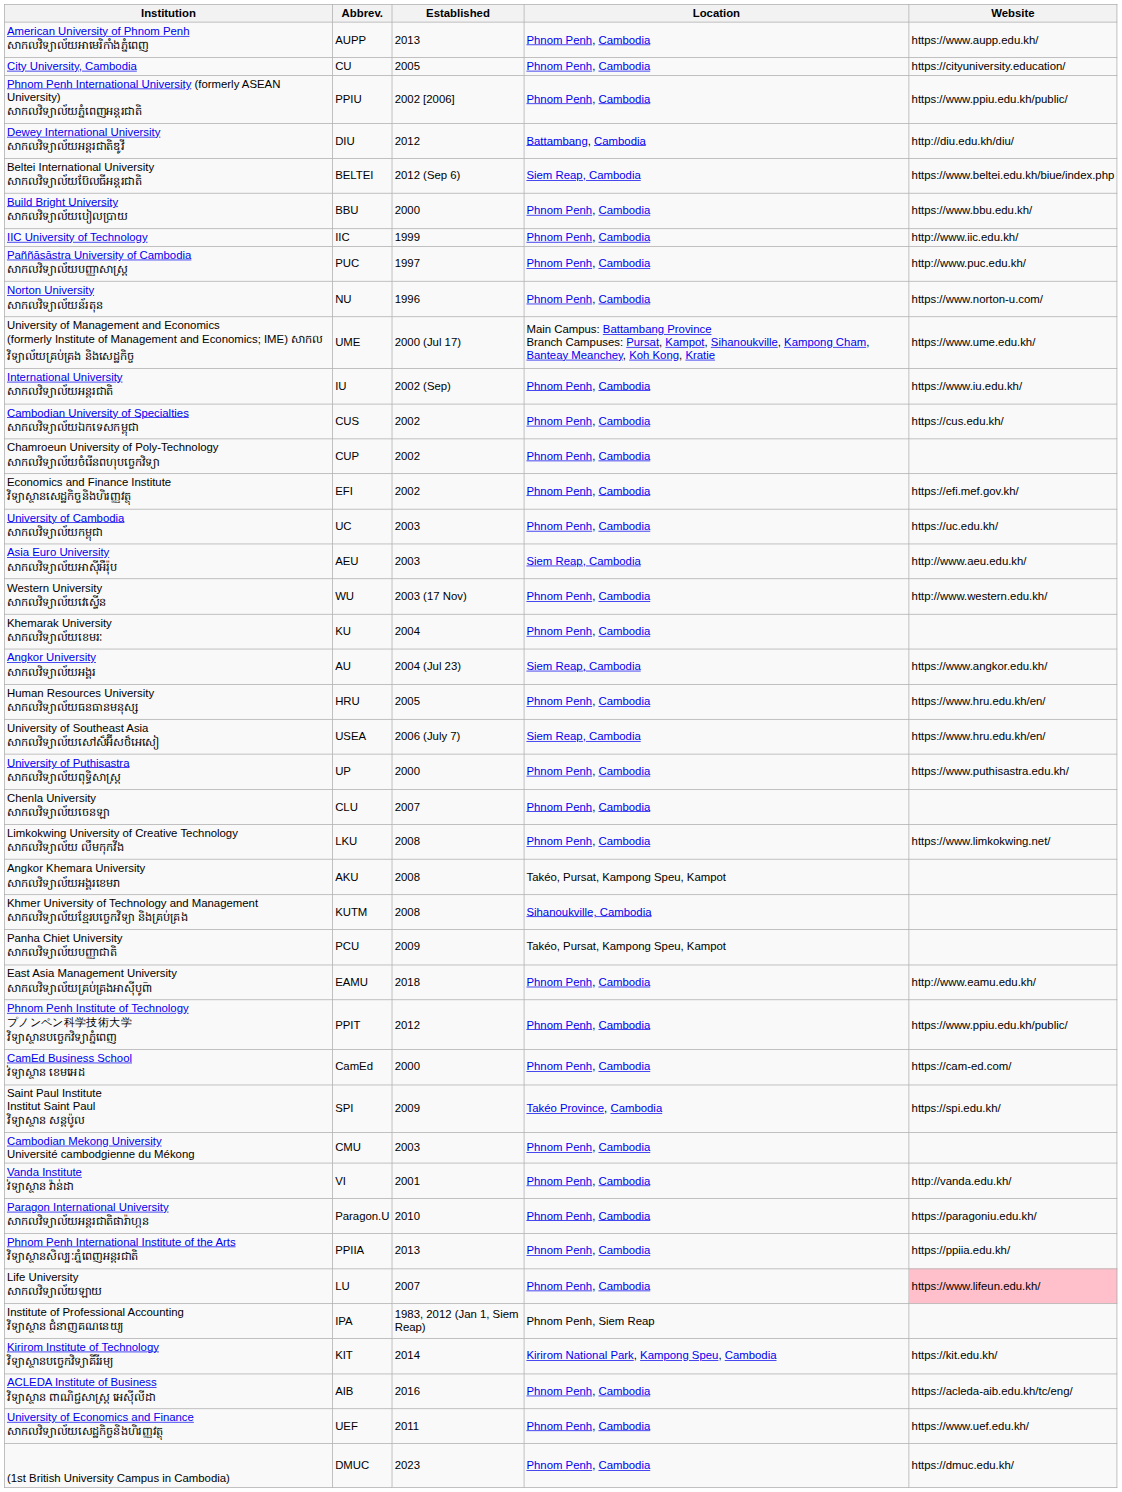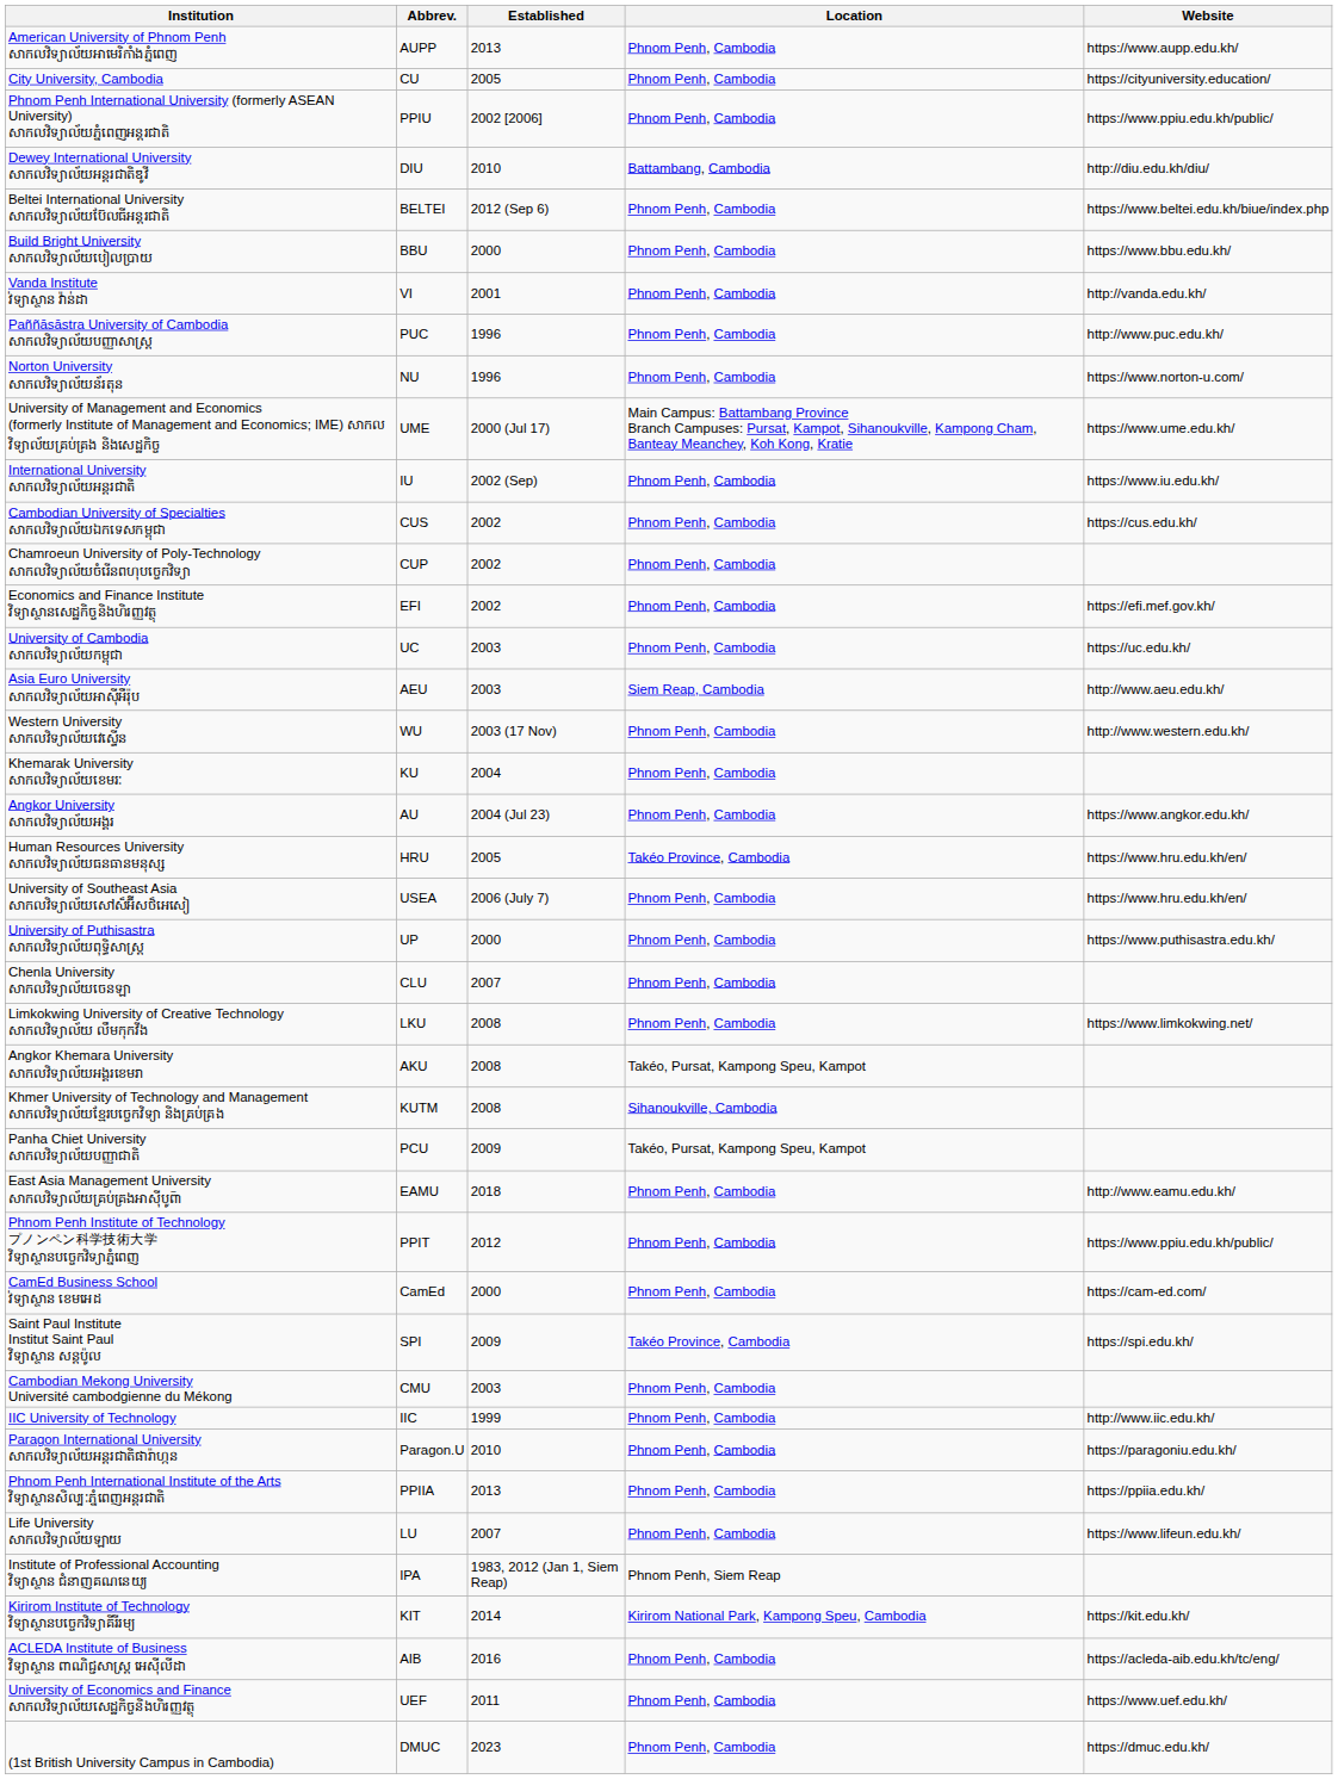 <table class="wikitable sortable">
 <tr>
 <th>Institution</th>
 <th>Abbrev.</th>
 <th>Established</th>
 <th>Location</th>
 <th>Website</th>
 </tr>
 <tr>
 <td><a href='#'>American University of Phnom Penh</a><br>សាកលវិទ្យាល័យអាមេរិកាំងភ្នំពេញ</td>
 <td>AUPP</td>
 <td>2013</td>
 <td><a href='#'>Phnom Penh</a>, <a href='#'>Cambodia</a></td>
 <td>https://www.aupp.edu.kh/</td>
 </tr>
 <tr>
 <td><a href='#'>City University, Cambodia</a></td>
 <td>CU</td>
 <td>2005</td>
 <td><a href='#'>Phnom Penh</a>, <a href='#'>Cambodia</a></td>
 <td>https://cityuniversity.education/</td>
 </tr>
 <tr>
 <td><a href='#'>Phnom Penh International University</a> (formerly ASEAN University)<br>សាកលវិទ្យាល័យភ្នំពេញអន្តរជាតិ</td>
 <td>PPIU</td>
 <td>2002 [2006]</td>
 <td><a href='#'>Phnom Penh</a>, <a href='#'>Cambodia</a></td>
 <td>https://www.ppiu.edu.kh/public/</td>
 </tr>
 <tr>
 <td><a href='#'>Dewey International University</a><br>សាកលវិទ្យាល័យអន្តរជាតិឌូវី</td>
 <td>DIU</td>
-<td>2012</td>
+<td>2010</td>
 <td><a href='#'>Battambang</a>, <a href='#'>Cambodia</a></td>
 <td>http://diu.edu.kh/diu/</td>
 </tr>
 <tr>
 <td>Beltei International University <br> សាកលវិទ្យាល័យប៊ែលធីអន្តរជាតិ</td>
 <td>BELTEI</td>
 <td>2012 (Sep 6)</td>
-<td><a href='#'>Siem Reap, Cambodia</a></td>
+<td><a href='#'>Phnom Penh</a>, <a href='#'>Cambodia</a></td>
 <td>https://www.beltei.edu.kh/biue/index.php</td>
 </tr>
 <tr>
 <td><a href='#'>Build Bright University</a><br>សាកលវិទ្យាល័យបៀលប្រាយ</td>
 <td>BBU</td>
 <td>2000</td>
 <td><a href='#'>Phnom Penh</a>, <a href='#'>Cambodia</a></td>
 <td>https://www.bbu.edu.kh/</td>
 </tr>
 <tr>
-<td><a href='#'>IIC University of Technology</a><br></td>
-<td>IIC</td>
-<td>1999</td>
+<td><a href='#'>Vanda Institute</a><br>វ់ទ្យាស្ថាន វ៉ាន់ដា</td>
+<td>VI</td>
+<td>2001</td>
 <td><a href='#'>Phnom Penh</a>, <a href='#'>Cambodia</a></td>
-<td>http://www.iic.edu.kh/</td>
+<td>http://vanda.edu.kh/</td>
 </tr>
 <tr>
 <td><a href='#'>Paññāsāstra University of Cambodia</a><br>សាកលវិទ្យាល័យបញ្ញាសាស្ត្រ</td>
 <td>PUC</td>
-<td>1997</td>
+<td>1996</td>
 <td><a href='#'>Phnom Penh</a>, <a href='#'>Cambodia</a></td>
 <td>http://www.puc.edu.kh/</td>
 </tr>
 <tr>
 <td><a href='#'>Norton University</a> <br> សាកលវិទ្យាល័យន័រតុន</td>
 <td>NU</td>
 <td>1996</td>
 <td><a href='#'>Phnom Penh</a>, <a href='#'>Cambodia</a></td>
 <td>https://www.norton-u.com/</td>
 </tr>
 <tr>
 <td>University of Management and Economics<br>(formerly Institute of Management and Economics; IME) សាកលវិទ្យាល័យគ្រប់គ្រង និងសេដ្ឋកិច្ច</td>
 <td>UME</td>
 <td>2000 (Jul 17)</td>
 <td>Main Campus: <a href='#'>Battambang Province</a><br>Branch Campuses: <a href='#'>Pursat</a>, <a href='#'>Kampot</a>, <a href='#'>Sihanoukville</a>, <a href='#'>Kampong Cham</a>, <a href='#'>Banteay Meanchey</a>, <a href='#'>Koh Kong</a>, <a href='#'>Kratie</a></td>
 <td>https://www.ume.edu.kh/</td>
 </tr>
 <tr>
 <td><a href='#'>International University</a><br>សាកលវិទ្យាល័យអន្តរជាតិ</td>
 <td>IU</td>
 <td>2002 (Sep)</td>
 <td><a href='#'>Phnom Penh</a>, <a href='#'>Cambodia</a></td>
 <td>https://www.iu.edu.kh/</td>
 </tr>
 <tr>
 <td><a href='#'>Cambodian University of Specialties</a><br>សាកលវិទ្យាល័យឯកទេសកម្ពុជា</td>
 <td>CUS</td>
 <td>2002</td>
 <td><a href='#'>Phnom Penh</a>, <a href='#'>Cambodia</a></td>
 <td>https://cus.edu.kh/</td>
 </tr>
 <tr>
 <td>Chamroeun University of Poly-Technology<br>សាកលវិទ្យាល័យចំរើនពហុបច្ចេកវិទ្យា</td>
 <td>CUP</td>
 <td>2002</td>
 <td><a href='#'>Phnom Penh</a>, <a href='#'>Cambodia</a></td>
 <td></td>
 </tr>
 <tr>
 <td>Economics and Finance Institute<br>វិទ្យាស្ថានសេដ្ឋកិច្ចនិងហិរញ្ញវត្ថុ</td>
 <td>EFI</td>
 <td>2002</td>
 <td><a href='#'>Phnom Penh</a>, <a href='#'>Cambodia</a></td>
 <td>https://efi.mef.gov.kh/</td>
 </tr>
 <tr>
 <td><a href='#'>University of Cambodia</a><br>សាកលវិទ្យាល័យកម្ពុជា</td>
 <td>UC</td>
 <td>2003</td>
 <td><a href='#'>Phnom Penh</a>, <a href='#'>Cambodia</a></td>
 <td>https://uc.edu.kh/</td>
 </tr>
 <tr>
 <td><a href='#'>Asia Euro University</a><br>សាកលវិទ្យាល័យអាស៊ីអឺរ៉ុប</td>
 <td>AEU</td>
 <td>2003</td>
 <td><a href='#'>Siem Reap, Cambodia</a></td>
 <td>http://www.aeu.edu.kh/</td>
 </tr>
 <tr>
 <td>Western University<br>សាកលវិទ្យាល័យវេស្ទើន</td>
 <td>WU</td>
 <td>2003 (17 Nov)</td>
 <td><a href='#'>Phnom Penh</a>, <a href='#'>Cambodia</a></td>
 <td>http://www.western.edu.kh/</td>
 </tr>
 <tr>
 <td>Khemarak University<br>សាកលវិទ្យាល័យខេមរៈ</td>
 <td>KU</td>
 <td>2004</td>
 <td><a href='#'>Phnom Penh</a>, <a href='#'>Cambodia</a></td>
 <td></td>
 </tr>
 <tr>
 <td><a href='#'>Angkor University</a><br>សាកលវិទ្យាល័យអង្គរ</td>
 <td>AU</td>
 <td>2004 (Jul 23)</td>
-<td><a href='#'>Siem Reap, Cambodia</a></td>
+<td><a href='#'>Phnom Penh</a>, <a href='#'>Cambodia</a></td>
 <td>https://www.angkor.edu.kh/</td>
 </tr>
 <tr>
 <td>Human Resources University<br>សាកលវិទ្យាល័យធនធានមនុស្ស</td>
 <td>HRU</td>
 <td>2005</td>
-<td><a href='#'>Phnom Penh</a>, <a href='#'>Cambodia</a></td>
+<td><a href='#'>Takéo Province</a>, <a href='#'>Cambodia</a></td>
 <td>https://www.hru.edu.kh/en/</td>
 </tr>
 <tr>
 <td>University of Southeast Asia<br>សាកលវិទ្យាល័យសៅស៏អ៊ីសថ៏អេសៀ</td>
 <td>USEA</td>
 <td>2006 (July 7)</td>
-<td><a href='#'>Siem Reap, Cambodia</a></td>
+<td><a href='#'>Phnom Penh</a>, <a href='#'>Cambodia</a></td>
 <td>https://www.hru.edu.kh/en/</td>
 </tr>
 <tr>
 <td><a href='#'>University of Puthisastra</a><br>សាកលវិទ្យាល័យពុទ្ធិសាស្ត្រ</td>
 <td>UP</td>
 <td>2000</td>
 <td><a href='#'>Phnom Penh</a>, <a href='#'>Cambodia</a></td>
 <td>https://www.puthisastra.edu.kh/</td>
 </tr>
 <tr>
 <td>Chenla University<br>សាកលវិទ្យាល័យចេនឡា</td>
 <td>CLU</td>
 <td>2007</td>
 <td><a href='#'>Phnom Penh</a>, <a href='#'>Cambodia</a></td>
 <td></td>
 </tr>
 <tr>
 <td>Limkokwing University of Creative Technology<br>សាកលវិទ្យាល័យ លឹមកុកវីង</td>
 <td>LKU</td>
 <td>2008</td>
 <td><a href='#'>Phnom Penh</a>, <a href='#'>Cambodia</a></td>
 <td>https://www.limkokwing.net/</td>
 </tr>
 <tr>
 <td>Angkor Khemara University<br>សាកលវិទ្យាល័យអង្គរខេមរា</td>
 <td>AKU</td>
 <td>2008</td>
 <td>Takéo, Pursat, Kampong Speu, Kampot</td>
 <td></td>
 </tr>
 <tr>
 <td>Khmer University of Technology and Management<br>សាកលវិទ្យាល័យខ្មែរបច្ចេកវិទ្យា និងគ្រប់គ្រង</td>
 <td>KUTM</td>
 <td>2008</td>
 <td><a href='#'>Sihanoukville, Cambodia</a></td>
 <td></td>
 </tr>
 <tr>
 <td>Panha Chiet University<br>សាកលវិទ្យាល័យបញ្ញាជាតិ</td>
 <td>PCU</td>
 <td>2009</td>
 <td>Takéo, Pursat, Kampong Speu, Kampot</td>
 <td></td>
 </tr>
 <tr>
 <td>East Asia Management University<br>សាកលវិទ្យាល័យគ្រប់គ្រងអាស៊ីបូព៑ា</td>
 <td>EAMU</td>
 <td>2018</td>
 <td><a href='#'>Phnom Penh</a>, <a href='#'>Cambodia</a></td>
 <td>http://www.eamu.edu.kh/</td>
 </tr>
 <tr>
 <td><a href='#'>Phnom Penh Institute of Technology</a><br>プノンペン科学技術大学<br>វិទ្យាស្ថានបច្ចេកវិទ្យាភ្នំពេញ</td>
 <td>PPIT</td>
 <td>2012</td>
 <td><a href='#'>Phnom Penh</a>, <a href='#'>Cambodia</a></td>
 <td>https://www.ppiu.edu.kh/public/</td>
 </tr>
 <tr>
 <td><a href='#'>CamEd Business School</a><br>វ់ទ្យាស្ថាន ខេមអេដ<br></td>
 <td>CamEd</td>
 <td>2000</td>
 <td><a href='#'>Phnom Penh</a>, <a href='#'>Cambodia</a></td>
 <td>https://cam-ed.com/</td>
 </tr>
 <tr>
 <td>Saint Paul Institute<br>Institut Saint Paul<br>វិទ្យាស្ថាន សន្តប៉ូល</td>
 <td>SPI</td>
 <td>2009</td>
 <td><a href='#'>Takéo Province</a>, <a href='#'>Cambodia</a></td>
 <td>https://spi.edu.kh/</td>
 </tr>
 <tr>
 <td><a href='#'>Cambodian Mekong University</a><br>Université cambodgienne du Mékong</td>
 <td>CMU</td>
 <td>2003</td>
 <td><a href='#'>Phnom Penh</a>, <a href='#'>Cambodia</a></td>
 <td></td>
 </tr>
 <tr>
-<td><a href='#'>Vanda Institute</a><br>វ់ទ្យាស្ថាន វ៉ាន់ដា</td>
-<td>VI</td>
-<td>2001</td>
+<td><a href='#'>IIC University of Technology</a><br></td>
+<td>IIC</td>
+<td>1999</td>
 <td><a href='#'>Phnom Penh</a>, <a href='#'>Cambodia</a></td>
-<td>http://vanda.edu.kh/</td>
+<td>http://www.iic.edu.kh/</td>
 </tr>
 <tr>
 <td><a href='#'>Paragon International University</a><br>សាកលវិទ្យាល័យអន្តរជាតិផារ៉ាហ្កន</td>
 <td>Paragon.U</td>
 <td>2010</td>
 <td><a href='#'>Phnom Penh</a>, <a href='#'>Cambodia</a></td>
 <td>https://paragoniu.edu.kh/</td>
 </tr>
 <tr>
 <td><a href='#'>Phnom Penh International Institute of the Arts</a><br>វិទ្យាស្ថានសិល្បៈភ្នំពេញអន្តរជាតិ</td>
 <td>PPIIA</td>
 <td>2013</td>
 <td><a href='#'>Phnom Penh</a>, <a href='#'>Cambodia</a></td>
 <td>https://ppiia.edu.kh/</td>
 </tr>
 <tr>
 <td>Life University<br>សាកលវិទ្យាល័យឡាយ</td>
 <td>LU</td>
 <td>2007</td>
 <td><a href='#'>Phnom Penh</a>, <a href='#'>Cambodia</a></td>
-<td style="background: pink;">https://www.lifeun.edu.kh/</td>
+<td>https://www.lifeun.edu.kh/</td>
 </tr>
 <tr>
 <td>Institute of Professional Accounting<br>វិទ្យាស្ថាន ជំនាញគណនេយ្យ</td>
 <td>IPA</td>
 <td>1983, 2012 (Jan 1, Siem Reap)</td>
 <td>Phnom Penh, Siem Reap</td>
 <td></td>
 </tr>
 <tr>
 <td><a href='#'>Kirirom Institute of Technology</a><br>វិទ្យាស្ថានបច្ចេកវិទ្យាគីរីរម្យ</td>
 <td>KIT</td>
 <td>2014</td>
 <td><a href='#'>Kirirom National Park</a>, <a href='#'>Kampong Speu</a>, <a href='#'>Cambodia</a></td>
 <td>https://kit.edu.kh/</td>
 </tr>
 <tr>
 <td><a href='#'>ACLEDA Institute of Business</a><br>វិទ្យាស្ថាន ពាណិជ្ជសាស្រ្ត អេស៊ីលីដា</td>
 <td>AIB</td>
 <td>2016</td>
 <td><a href='#'>Phnom Penh</a>, <a href='#'>Cambodia</a></td>
 <td>https://acleda-aib.edu.kh/tc/eng/</td>
 </tr>
 <tr>
 <td><a href='#'>University of Economics and Finance</a><br>សាកលវិទ្យាល័យសេដ្ឋកិច្ចនិងហិរញ្ញវត្ថុ</td>
 <td>UEF</td>
 <td>2011</td>
 <td><a href='#'>Phnom Penh</a>, <a href='#'>Cambodia</a></td>
 <td>https://www.uef.edu.kh/</td>
 </tr>
 <tr>
 <td><br><br>(1st British University Campus in Cambodia)</td>
 <td>DMUC</td>
 <td>2023</td>
 <td><a href='#'>Phnom Penh</a>, <a href='#'>Cambodia</a></td>
 <td>https://dmuc.edu.kh/</td>
 </tr>
 </table>
